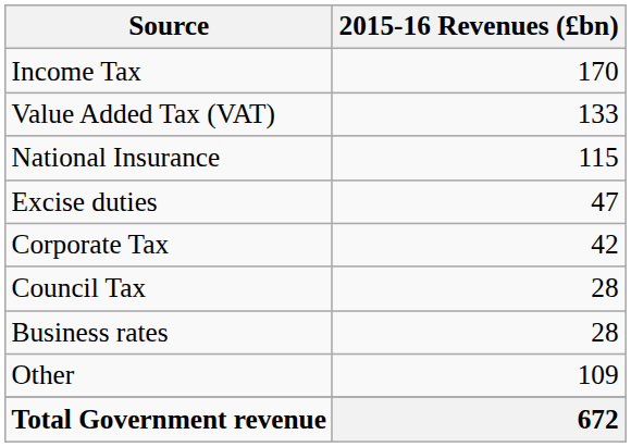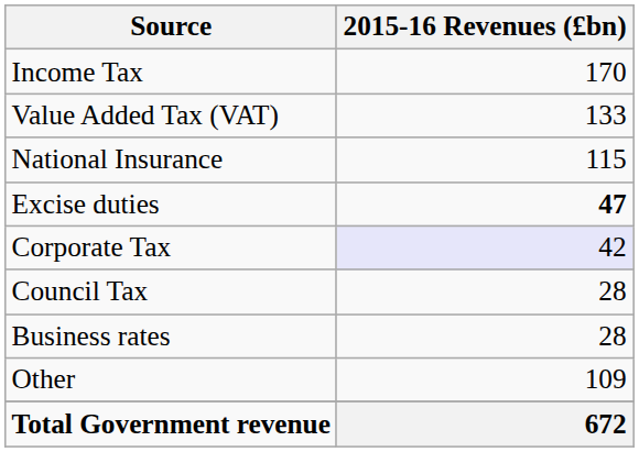 <table class="wikitable sortable">
 <tr>
 <th>Source</th>
 <th style="text-align: right">2015-16 Revenues (£bn)</th>
 </tr>
 <tr>
 <td>Income Tax</td>
 <td style="text-align: right">170</td>
 </tr>
 <tr>
 <td>Value Added Tax (VAT)</td>
 <td style="text-align: right">133</td>
 </tr>
 <tr>
 <td>National Insurance</td>
 <td style="text-align: right">115</td>
 </tr>
 <tr>
 <td>Excise duties</td>
-<td style="text-align: right">47</td>
+<td style="text-align: right"><strong>47</strong></td>
 </tr>
 <tr>
 <td>Corporate Tax</td>
-<td style="text-align: right">42</td>
+<td style="background: lavender; text-align: right">42</td>
 </tr>
 <tr>
 <td>Council Tax</td>
 <td style="text-align: right">28</td>
 </tr>
 <tr>
 <td>Business rates</td>
 <td style="text-align: right">28</td>
 </tr>
 <tr>
 <td>Other</td>
 <td style="text-align: right">109</td>
 </tr>
 <tr>
 </tr>
 <tr class="sortbottom">
 <td style="text-align: left"><strong>Total Government revenue</strong></td>
 <th style="text-align: right">672</th>
 </tr>
 </table>
